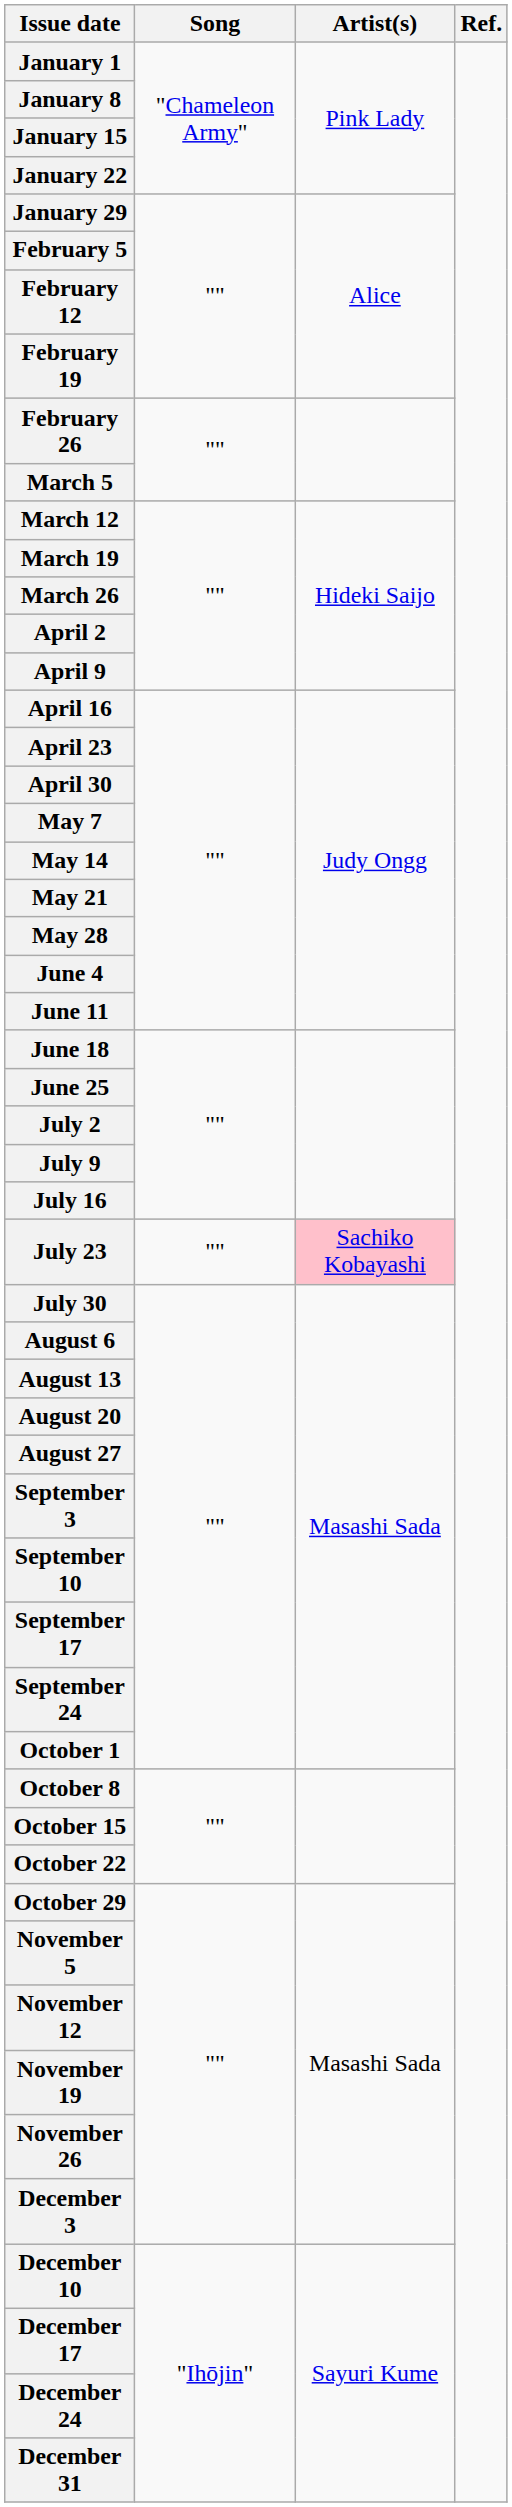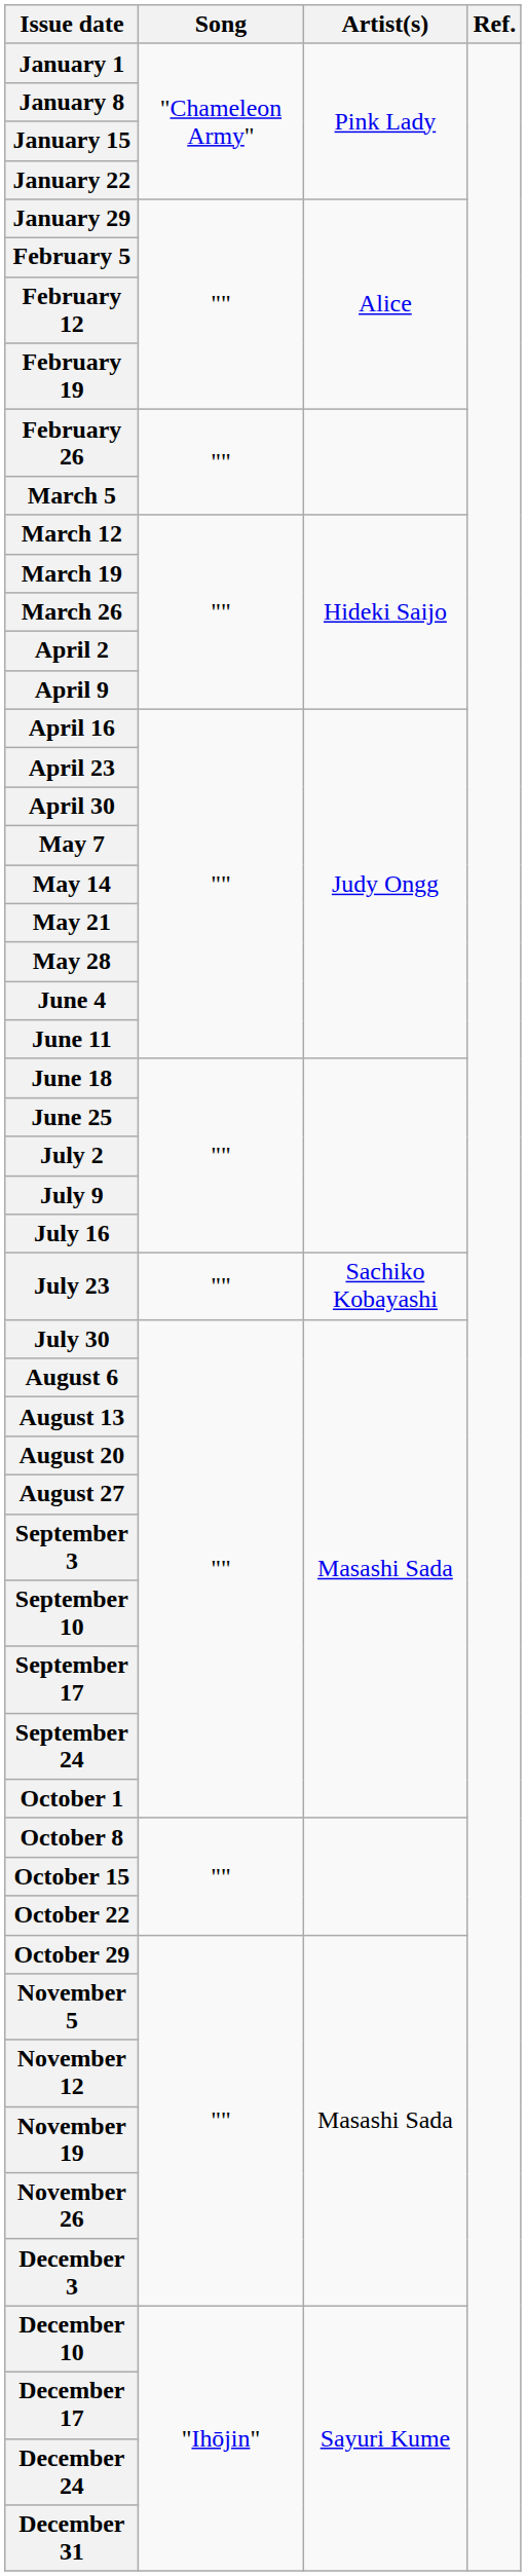 <table class="wikitable plainrowheaders" style="text-align: center">
 <tr>
 <th width="80">Issue date</th>
 <th width="100">Song</th>
 <th width="100">Artist(s)</th>
 <th width="20">Ref.</th>
 </tr>
 <tr>
 <th scope="row">January 1</th>
 <td rowspan="4">"<a href='#'>Chameleon Army</a>"</td>
 <td rowspan="4"><a href='#'>Pink Lady</a></td>
 <td rowspan="53"></td>
 </tr>
 <tr>
 <th scope="row">January 8</th>
 </tr>
 <tr>
 <th scope="row">January 15</th>
 </tr>
 <tr>
 <th scope="row">January 22</th>
 </tr>
 <tr>
 <th scope="row">January 29</th>
 <td rowspan="4">""</td>
 <td rowspan="4"><a href='#'>Alice</a></td>
 </tr>
 <tr>
 <th scope="row">February 5</th>
 </tr>
 <tr>
 <th scope="row">February 12</th>
 </tr>
 <tr>
 <th scope="row">February 19</th>
 </tr>
 <tr>
 <th scope="row">February 26</th>
 <td rowspan="2">""</td>
 <td rowspan="2"></td>
 </tr>
 <tr>
 <th scope="row">March 5</th>
 </tr>
 <tr>
 <th scope="row">March 12</th>
 <td rowspan="5">""</td>
 <td rowspan="5"><a href='#'>Hideki Saijo</a></td>
 </tr>
 <tr>
 <th scope="row">March 19</th>
 </tr>
 <tr>
 <th scope="row">March 26</th>
 </tr>
 <tr>
 <th scope="row">April 2</th>
 </tr>
 <tr>
 <th scope="row">April 9</th>
 </tr>
 <tr>
 <th scope="row">April 16</th>
 <td rowspan="9">""</td>
 <td rowspan="9"><a href='#'>Judy Ongg</a></td>
 </tr>
 <tr>
 <th scope="row">April 23</th>
 </tr>
 <tr>
 <th scope="row">April 30</th>
 </tr>
 <tr>
 <th scope="row">May 7</th>
 </tr>
 <tr>
 <th scope="row">May 14</th>
 </tr>
 <tr>
 <th scope="row">May 21</th>
 </tr>
 <tr>
 <th scope="row">May 28</th>
 </tr>
 <tr>
 <th scope="row">June 4</th>
 </tr>
 <tr>
 <th scope="row">June 11</th>
 </tr>
 <tr>
 <th scope="row">June 18</th>
 <td rowspan="5">""</td>
 <td rowspan="5"></td>
 </tr>
 <tr>
 <th scope="row">June 25</th>
 </tr>
 <tr>
 <th scope="row">July 2</th>
 </tr>
 <tr>
 <th scope="row">July 9</th>
 </tr>
 <tr>
 <th scope="row">July 16</th>
 </tr>
 <tr>
 <th scope="row">July 23</th>
 <td rowspan="1">""</td>
-<td rowspan="1" style="background: pink;"><a href='#'>Sachiko Kobayashi</a></td>
+<td rowspan="1"><a href='#'>Sachiko Kobayashi</a></td>
 </tr>
 <tr>
 <th scope="row">July 30</th>
 <td rowspan="10">""</td>
 <td rowspan="10"><a href='#'>Masashi Sada</a></td>
 </tr>
 <tr>
 <th scope="row">August 6</th>
 </tr>
 <tr>
 <th scope="row">August 13</th>
 </tr>
 <tr>
 <th scope="row">August 20</th>
 </tr>
 <tr>
 <th scope="row">August 27</th>
 </tr>
 <tr>
 <th scope="row">September 3</th>
 </tr>
 <tr>
 <th scope="row">September 10</th>
 </tr>
 <tr>
 <th scope="row">September 17</th>
 </tr>
 <tr>
 <th scope="row">September 24</th>
 </tr>
 <tr>
 <th scope="row">October 1</th>
 </tr>
 <tr>
 <th scope="row">October 8</th>
 <td rowspan="3">""</td>
 <td rowspan="3"></td>
 </tr>
 <tr>
 <th scope="row">October 15</th>
 </tr>
 <tr>
 <th scope="row">October 22</th>
 </tr>
 <tr>
 <th scope="row">October 29</th>
 <td rowspan="6">""</td>
 <td rowspan="6">Masashi Sada</td>
 </tr>
 <tr>
 <th scope="row">November 5</th>
 </tr>
 <tr>
 <th scope="row">November 12</th>
 </tr>
 <tr>
 <th scope="row">November 19</th>
 </tr>
 <tr>
 <th scope="row">November 26</th>
 </tr>
 <tr>
 <th scope="row">December 3</th>
 </tr>
 <tr>
 <th scope="row">December 10</th>
 <td rowspan="4">"<a href='#'>Ihōjin</a>"</td>
 <td rowspan="4"><a href='#'>Sayuri Kume</a></td>
 </tr>
 <tr>
 <th scope="row">December 17</th>
 </tr>
 <tr>
 <th scope="row">December 24</th>
 </tr>
 <tr>
 <th scope="row">December 31</th>
 </tr>
 </table>
